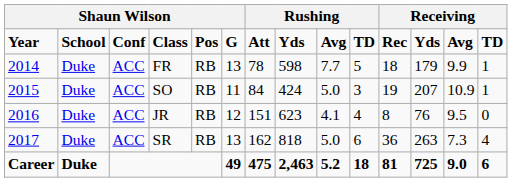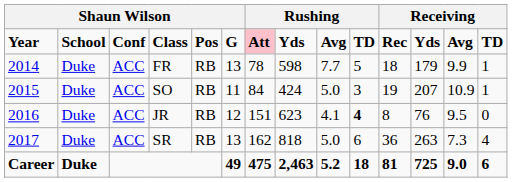 <table class="wikitable">
 <tr>
 <th colspan="6">Shaun Wilson</th>
 <th colspan="4" style="text-align: center; font-weight:bold;">Rushing</th>
 <th colspan="4" style="text-align: center; font-weight:bold;">Receiving</th>
 </tr>
 <tr>
 <td style="font-weight:bold;">Year</td>
 <td style="font-weight:bold;">School</td>
 <td style="font-weight:bold;">Conf</td>
 <td style="font-weight:bold;">Class</td>
 <td style="font-weight:bold;">Pos</td>
 <td style="font-weight:bold;">G</td>
-<td style="font-weight:bold;">Att</td>
+<td style="background: pink; font-weight:bold;">Att</td>
 <td style="font-weight:bold;">Yds</td>
 <td style="font-weight:bold;">Avg</td>
 <td style="font-weight:bold;">TD</td>
 <td style="font-weight:bold;">Rec</td>
 <td style="font-weight:bold;">Yds</td>
 <td style="font-weight:bold;">Avg</td>
 <td style="font-weight:bold;">TD</td>
 </tr>
 <tr>
 <td><a href='#'>2014</a></td>
 <td><a href='#'>Duke</a></td>
 <td><a href='#'>ACC</a></td>
 <td>FR</td>
 <td>RB</td>
 <td>13</td>
 <td>78</td>
 <td>598</td>
 <td>7.7</td>
 <td>5</td>
 <td>18</td>
 <td>179</td>
 <td>9.9</td>
 <td>1</td>
 </tr>
 <tr>
 <td><a href='#'>2015</a></td>
 <td><a href='#'>Duke</a></td>
 <td><a href='#'>ACC</a></td>
 <td>SO</td>
 <td>RB</td>
 <td>11</td>
 <td>84</td>
 <td>424</td>
 <td>5.0</td>
 <td>3</td>
 <td>19</td>
 <td>207</td>
 <td>10.9</td>
 <td>1</td>
 </tr>
 <tr>
 <td><a href='#'>2016</a></td>
 <td><a href='#'>Duke</a></td>
 <td><a href='#'>ACC</a></td>
 <td>JR</td>
 <td>RB</td>
 <td>12</td>
 <td>151</td>
 <td>623</td>
 <td>4.1</td>
-<td>4</td>
+<td><strong>4</strong></td>
 <td>8</td>
 <td>76</td>
 <td>9.5</td>
 <td>0</td>
 </tr>
 <tr>
 <td><a href='#'>2017</a></td>
 <td><a href='#'>Duke</a></td>
 <td><a href='#'>ACC</a></td>
 <td>SR</td>
 <td>RB</td>
 <td>13</td>
 <td>162</td>
 <td>818</td>
 <td>5.0</td>
 <td>6</td>
 <td>36</td>
 <td>263</td>
 <td>7.3</td>
 <td>4</td>
 </tr>
 <tr>
 <td style="font-weight:bold;">Career</td>
 <td style="font-weight:bold;">Duke</td>
 <td colspan="3" style="font-weight:bold;"></td>
 <td style="font-weight:bold;">49</td>
 <td style="font-weight:bold;">475</td>
 <td style="font-weight:bold;">2,463</td>
 <td style="font-weight:bold;">5.2</td>
 <td style="font-weight:bold;">18</td>
 <td style="font-weight:bold;">81</td>
 <td style="font-weight:bold;">725</td>
 <td style="font-weight:bold;">9.0</td>
 <td style="font-weight:bold;">6</td>
 </tr>
 </table>
